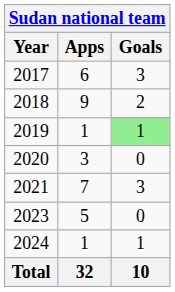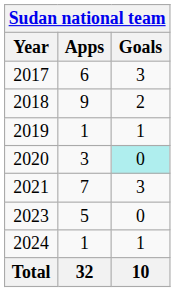 <table class="wikitable" style="text-align:center">
 <tr>
 <th colspan=3><a href='#'>Sudan national team</a></th>
 </tr>
 <tr>
 <th>Year</th>
 <th>Apps</th>
 <th>Goals</th>
 </tr>
 <tr>
 <td>2017</td>
 <td>6</td>
 <td>3</td>
 </tr>
 <tr>
 <td>2018</td>
 <td>9</td>
 <td>2</td>
 </tr>
 <tr>
 <td>2019</td>
 <td>1</td>
-<td style="background: lightgreen;">1</td>
+<td>1</td>
 </tr>
 <tr>
 <td>2020</td>
 <td>3</td>
-<td>0</td>
+<td style="background: paleturquoise;">0</td>
 </tr>
 <tr>
 <td>2021</td>
 <td>7</td>
 <td>3</td>
 </tr>
 <tr>
 <td>2023</td>
 <td>5</td>
 <td>0</td>
 </tr>
 <tr>
 <td>2024</td>
 <td>1</td>
 <td>1</td>
 </tr>
 <tr>
 <th>Total</th>
 <th>32</th>
 <th>10</th>
 </tr>
 </table>
